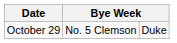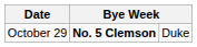 <table class="wikitable" style="font-size:95%;">
 <tr>
 <th>Date</th>
 <th colspan="3">Bye Week</th>
 </tr>
 <tr>
 <td>October 29</td>
-<td>No. 5 Clemson</td>
+<td><strong>No. 5 Clemson</strong></td>
 <td>Duke</td>
 </tr>
 </table>
